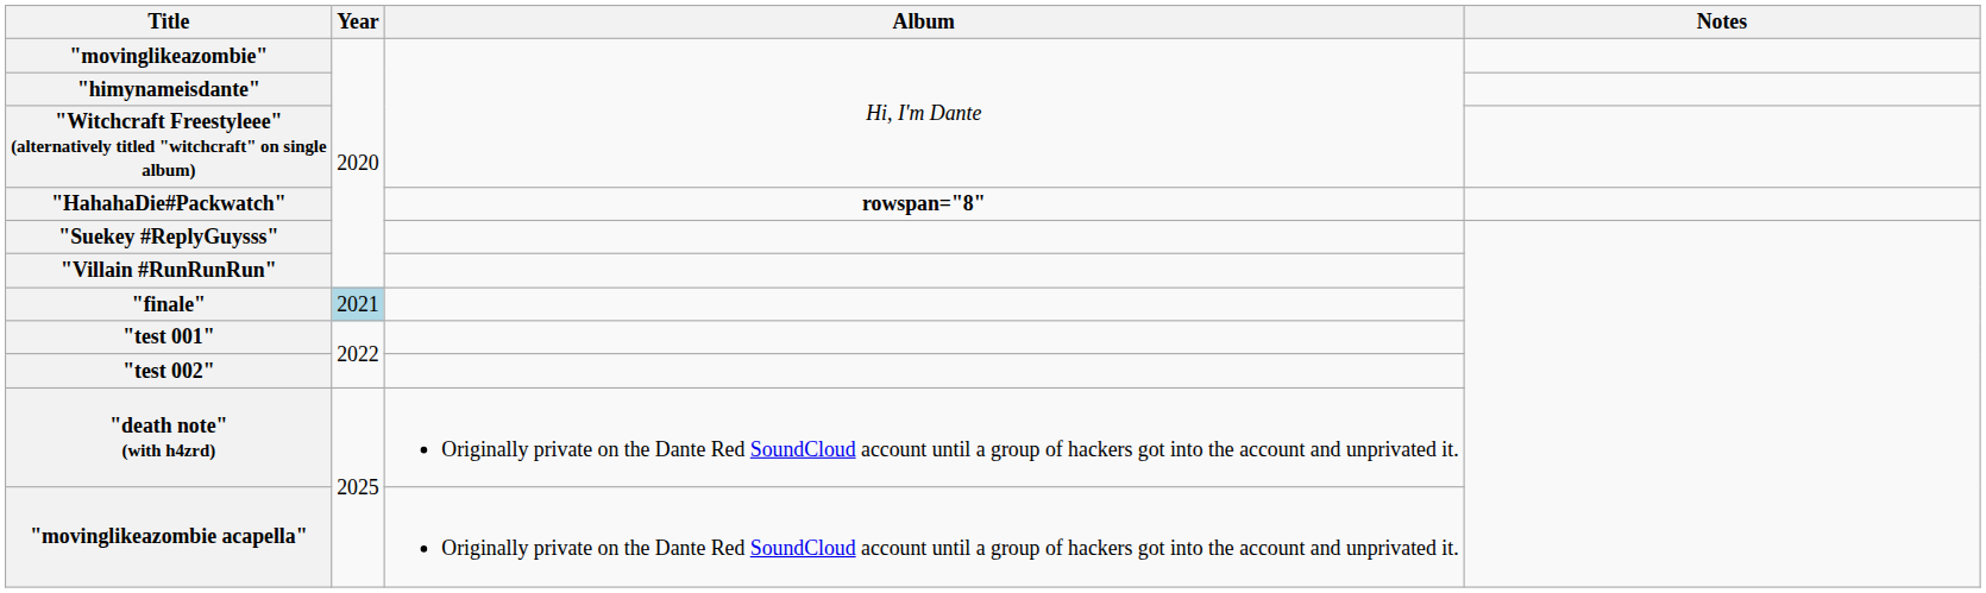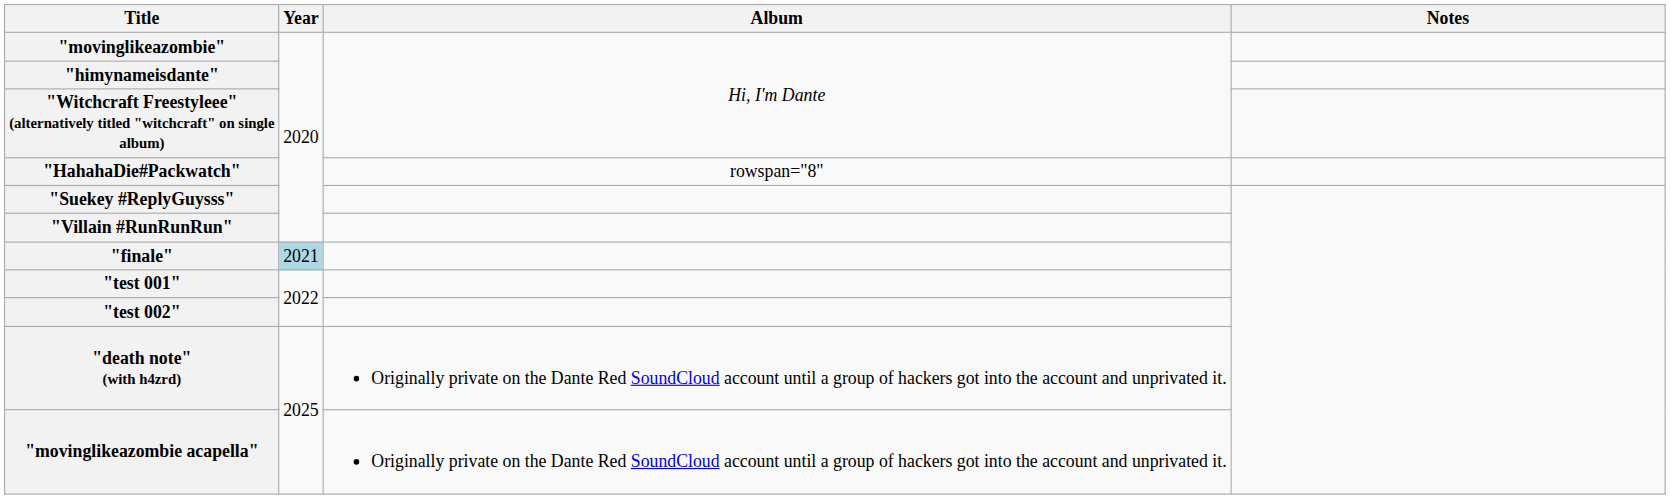 <table class="wikitable plainrowheaders" style="text-align:center;">
 <tr>
 <th scope="col" style="width:15em;">Title</th>
 <th scope="col">Year</th>
 <th scope="col">Album</th>
 <th scope="col" rowspan="" style="width:24em;">Notes</th>
 </tr>
 <tr>
 <th scope="row">"movinglikeazombie"</th>
 <td rowspan="6">2020</td>
 <td rowspan="3"><em>Hi, I'm Dante</em></td>
 <td></td>
 </tr>
 <tr>
 <th scope="row">"himynameisdante"</th>
 <td></td>
 </tr>
 <tr>
 <th scope="row">"Witchcraft Freestyleee"<br><small>(alternatively titled "witchcraft" on single album)</small></th>
 <td></td>
 </tr>
 <tr>
 <th scope="row">"HahahaDie#Packwatch"</th>
-<td><strong>rowspan="8" </strong></td>
+<td>rowspan="8" </td>
 <td></td>
 </tr>
 <tr>
 <th scope="row">"Suekey #ReplyGuysss"</th>
 <td></td>
 </tr>
 <tr>
 <th scope="row">"Villain #RunRunRun"</th>
 <td></td>
 </tr>
 <tr>
 <th scope="row">"finale"</th>
 <td rowspan="1" style="background: lightblue;">2021</td>
 <td></td>
 </tr>
 <tr>
 <th scope="row">"test 001"</th>
 <td rowspan="2">2022</td>
 <td></td>
 </tr>
 <tr>
 <th scope="row">"test 002"</th>
 <td></td>
 </tr>
 <tr>
 <th scope="row">"death note" <br><small>(with h4zrd)</small></th>
 <td rowspan="2">2025</td>
 <td><br><ul><li>Originally private on the Dante Red <a href='#'>SoundCloud</a> account until a group of hackers got into the account and unprivated it.</li></ul></td>
 </tr>
 <tr>
 <th scope="row">"movinglikeazombie acapella"</th>
 <td><br><ul><li>Originally private on the Dante Red <a href='#'>SoundCloud</a> account until a group of hackers got into the account and unprivated it.</li></ul></td>
 </tr>
 </table>
